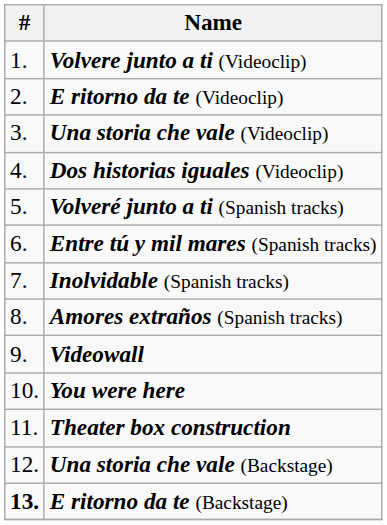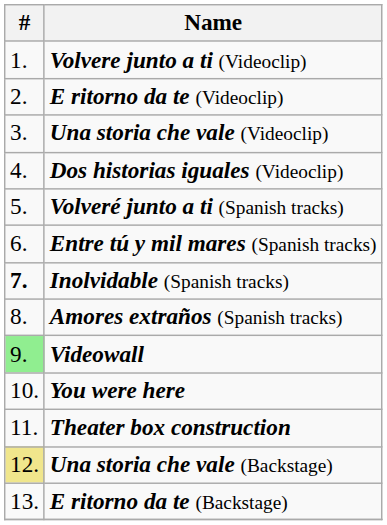 <table class="wikitable">
 <tr>
 <th>#</th>
 <th>Name</th>
 </tr>
 <tr>
 <td>1.</td>
 <td><strong><em>Volvere junto a ti</em></strong> <small>(Videoclip)</small></td>
 </tr>
 <tr>
 <td>2.</td>
 <td><strong><em>E ritorno da te</em></strong> <small>(Videoclip)</small></td>
 </tr>
 <tr>
 <td>3.</td>
 <td><strong><em>Una storia che vale</em></strong> <small>(Videoclip)</small></td>
 </tr>
 <tr>
 <td>4.</td>
 <td><strong><em>Dos historias iguales</em></strong> <small>(Videoclip)</small></td>
 </tr>
 <tr>
 <td>5.</td>
 <td><strong><em>Volveré junto a ti</em></strong> <small>(Spanish tracks)</small></td>
 </tr>
 <tr>
 <td>6.</td>
 <td><strong><em>Entre tú y mil mares</em></strong> <small>(Spanish tracks)</small></td>
 </tr>
 <tr>
-<td>7.</td>
+<td><strong>7.</strong></td>
 <td><strong><em>Inolvidable</em></strong> <small>(Spanish tracks)</small></td>
 </tr>
 <tr>
 <td>8.</td>
 <td><strong><em>Amores extraños</em></strong> <small>(Spanish tracks)</small></td>
 </tr>
 <tr>
-<td>9.</td>
+<td style="background: lightgreen;">9.</td>
 <td><strong><em>Videowall</em></strong></td>
 </tr>
 <tr>
 <td>10.</td>
 <td><strong><em>You were here</em></strong></td>
 </tr>
 <tr>
 <td>11.</td>
 <td><strong><em>Theater box construction</em></strong></td>
 </tr>
 <tr>
-<td>12.</td>
+<td style="background: khaki;">12.</td>
 <td><strong><em>Una storia che vale</em></strong> <small>(Backstage)</small></td>
 </tr>
 <tr>
-<td><strong>13.</strong></td>
+<td>13.</td>
 <td><strong><em>E ritorno da te</em></strong> <small>(Backstage)</small></td>
 </tr>
 <tr>
 </tr>
 </table>
